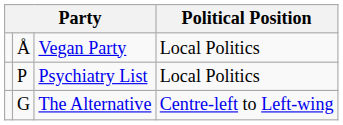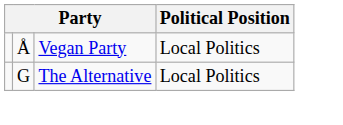 <table class="wikitable mw-collapsible mw-collapsed">
 <tr>
 <th colspan="3">Party</th>
 <th>Political Position</th>
 </tr>
 <tr>
 <td></td>
 <td>Å</td>
 <td><a href='#'>Vegan Party</a></td>
 <td>Local Politics</td>
 </tr>
 <tr>
 <td></td>
-<td>P</td>
-<td><a href='#'>Psychiatry List</a></td>
+<td>G</td>
+<td><a href='#'>The Alternative</a></td>
 <td>Local Politics</td>
 </tr>
-<tr>
-<td></td>
-<td>G</td>
-<td><a href='#'>The Alternative</a></td>
-<td><a href='#'>Centre-left</a> to <a href='#'>Left-wing</a></td>
-</tr>
 </table>
